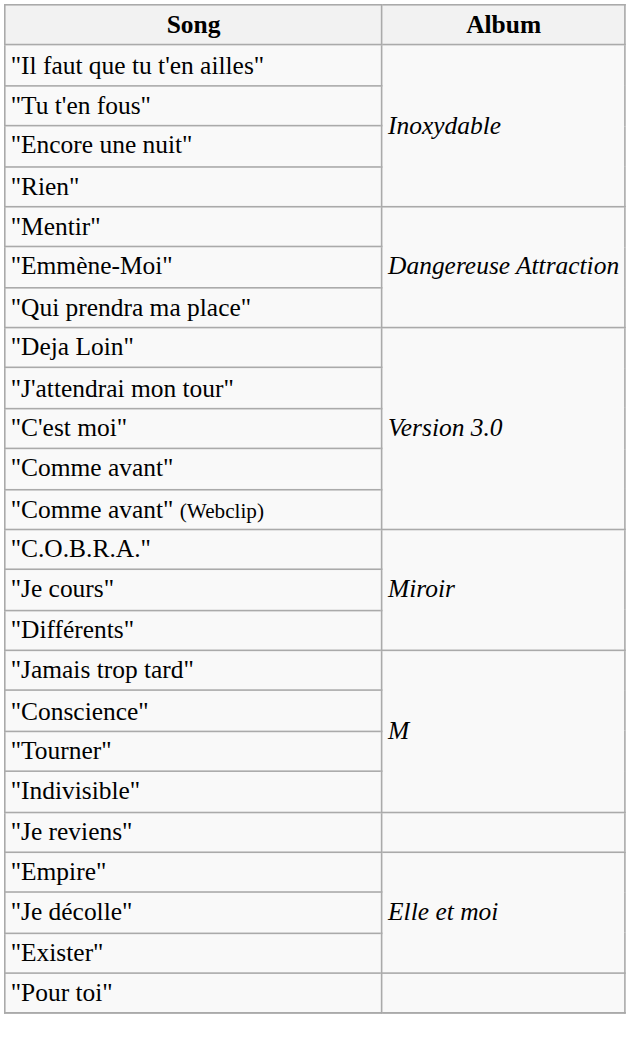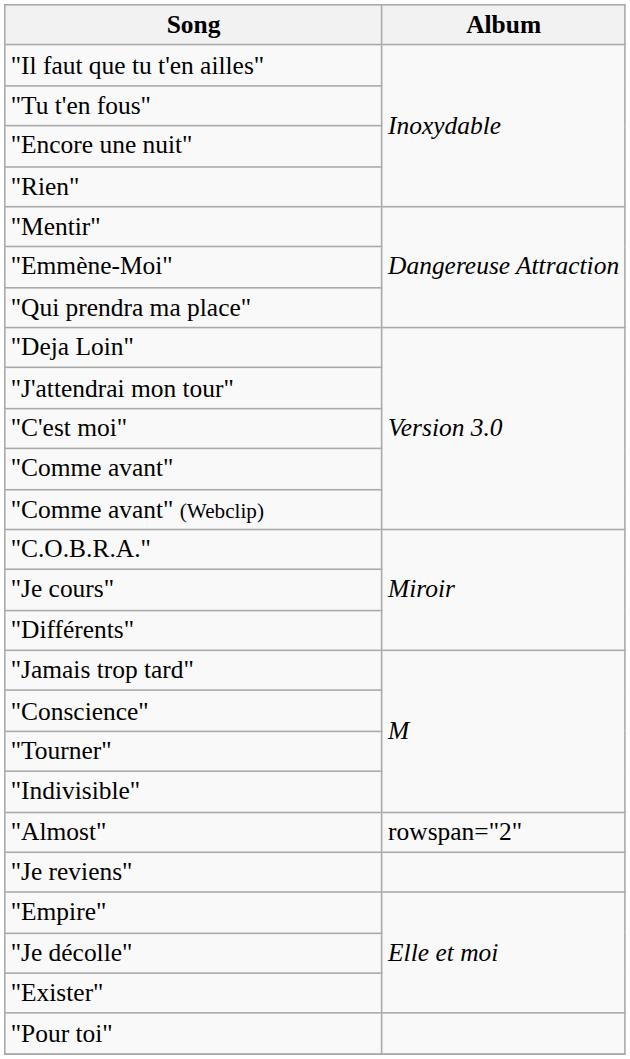 <table class="wikitable">
 <tr>
 <th style="width:230px;">Song</th>
 <th>Album</th>
 </tr>
 <tr>
 <td>"Il faut que tu t'en ailles"</td>
 <td rowspan="4"><em>Inoxydable</em></td>
 </tr>
 <tr>
 <td>"Tu t'en fous"</td>
 </tr>
 <tr>
 <td>"Encore une nuit"</td>
 </tr>
 <tr>
 <td>"Rien"</td>
 </tr>
 <tr>
 <td>"Mentir"</td>
 <td rowspan="3"><em>Dangereuse Attraction</em></td>
 </tr>
 <tr>
 <td>"Emmène-Moi"</td>
 </tr>
 <tr>
 <td>"Qui prendra ma place"</td>
 </tr>
 <tr>
 <td>"Deja Loin"</td>
 <td rowspan="5"><em>Version 3.0</em></td>
 </tr>
 <tr>
 <td>"J'attendrai mon tour"</td>
 </tr>
 <tr>
 <td>"C'est moi"</td>
 </tr>
 <tr>
 <td>"Comme avant"</td>
 </tr>
 <tr>
 <td>"Comme avant" <small>(Webclip)</small></td>
 </tr>
 <tr>
 <td>"C.O.B.R.A."</td>
 <td rowspan="3"><em>Miroir</em></td>
 </tr>
 <tr>
 <td>"Je cours"</td>
 </tr>
 <tr>
 <td>"Différents"</td>
 </tr>
 <tr>
 <td>"Jamais trop tard"</td>
 <td rowspan="4"><em>M</em></td>
 </tr>
 <tr>
 <td>"Conscience"</td>
 </tr>
 <tr>
 <td>"Tourner"</td>
 </tr>
 <tr>
 <td>"Indivisible"</td>
 </tr>
 <tr>
+<td>"Almost"</td>
+<td>rowspan="2"  </td>
+</tr>
+<tr>
 <td>"Je reviens"</td>
 </tr>
 <tr>
 <td>"Empire"</td>
 <td rowspan="3"><em>Elle et moi</em></td>
 </tr>
 <tr>
 <td>"Je décolle"</td>
 </tr>
 <tr>
 <td>"Exister"</td>
 </tr>
 <tr>
 <td>"Pour toi"</td>
 <td></td>
 </tr>
 <tr>
 </tr>
 </table>
